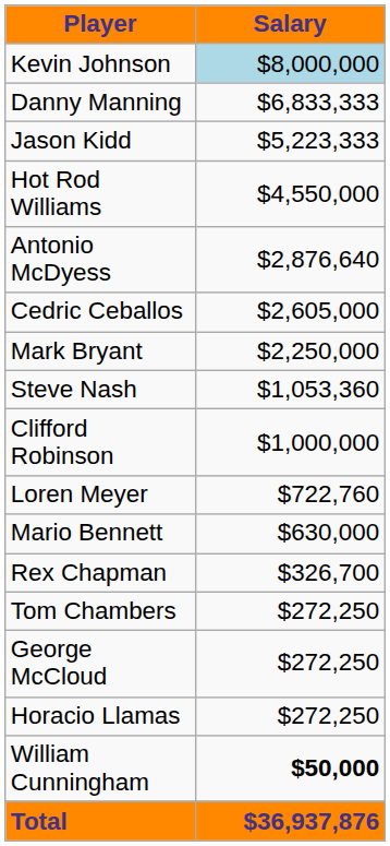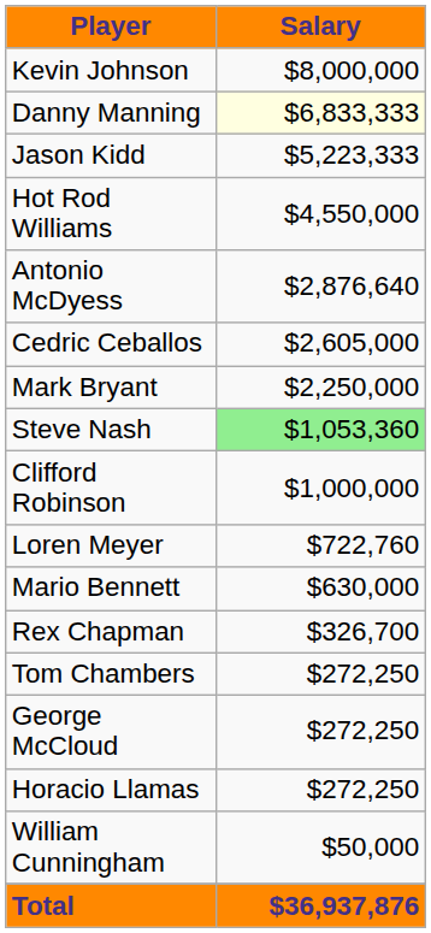 <table width=250 px; class="wikitable sortable sortable">
 <tr>
 <th style="background:#FF8800; color:#423189" width="50%">Player</th>
 <th style="background:#FF8800; color:#423189" width="50%">Salary</th>
 </tr>
 <tr>
 <td>Kevin Johnson</td>
-<td align="right" style="background: lightblue;">$8,000,000</td>
+<td align="right">$8,000,000</td>
 </tr>
 <tr>
 <td>Danny Manning</td>
-<td align="right">$6,833,333</td>
+<td align="right" style="background: lightyellow;">$6,833,333</td>
 </tr>
 <tr>
 <td>Jason Kidd</td>
 <td align="right">$5,223,333</td>
 </tr>
 <tr>
 <td>Hot Rod Williams</td>
 <td align="right">$4,550,000</td>
 </tr>
 <tr>
 <td>Antonio McDyess</td>
 <td align="right">$2,876,640</td>
 </tr>
 <tr>
 <td>Cedric Ceballos</td>
 <td align="right">$2,605,000</td>
 </tr>
 <tr>
 <td>Mark Bryant</td>
 <td align="right">$2,250,000</td>
 </tr>
 <tr>
 <td>Steve Nash</td>
-<td align="right">$1,053,360</td>
+<td align="right" style="background: lightgreen;">$1,053,360</td>
 </tr>
 <tr>
 <td>Clifford Robinson</td>
 <td align="right">$1,000,000</td>
 </tr>
 <tr>
 <td>Loren Meyer</td>
 <td align="right">$722,760</td>
 </tr>
 <tr>
 <td>Mario Bennett</td>
 <td align="right">$630,000</td>
 </tr>
 <tr>
 <td>Rex Chapman</td>
 <td align="right">$326,700</td>
 </tr>
 <tr>
 <td>Tom Chambers</td>
 <td align="right">$272,250</td>
 </tr>
 <tr>
 <td>George McCloud</td>
 <td align="right">$272,250</td>
 </tr>
 <tr>
 <td>Horacio Llamas</td>
 <td align="right">$272,250</td>
 </tr>
 <tr>
 <td>William Cunningham</td>
-<td align="right"><strong>$50,000</strong></td>
+<td align="right">$50,000</td>
 </tr>
 <tr>
 </tr>
 <tr class="sortbottom">
 <td style="background:#FF8800; color:#423189" width="50%"><strong>Total</strong></td>
 <td style="background:#FF8800; color:#423189" width="50%" align="right"><strong>$36,937,876</strong></td>
 </tr>
 </table>
